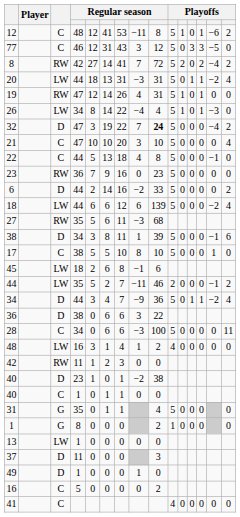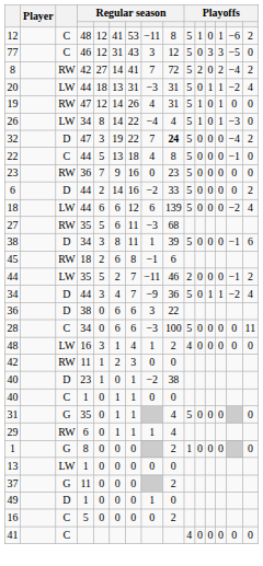 <table class="wikitable sortable plainrowheaders" style="text-align:center;">
 <tr>
 <th scope="col" data-sort-type="number" rowspan="2"></th>
 <th scope="col" rowspan="2">Player</th>
 <th scope="col" rowspan="2"></th>
 <th scope=colgroup colspan=6>Regular season</th>
 <th scope=colgroup colspan=6>Playoffs</th>
 </tr>
 <tr>
 <th scope="col" data-sort-type="number"></th>
 <th scope="col" data-sort-type="number"></th>
 <th scope="col" data-sort-type="number"></th>
 <th scope="col" data-sort-type="number"></th>
 <th scope="col" data-sort-type="number"></th>
 <th scope="col" data-sort-type="number"></th>
 <th scope="col" data-sort-type="number"></th>
 <th scope="col" data-sort-type="number"></th>
 <th scope="col" data-sort-type="number"></th>
 <th scope="col" data-sort-type="number"></th>
 <th scope="col" data-sort-type="number"></th>
 <th scope="col" data-sort-type="number"></th>
 </tr>
 <tr>
 <td scope="row">12</td>
 <td align="left"></td>
 <td>C</td>
 <td>48</td>
 <td>12</td>
 <td>41</td>
 <td>53</td>
 <td>−11</td>
 <td>8</td>
 <td>5</td>
 <td>1</td>
 <td>0</td>
 <td>1</td>
 <td>−6</td>
 <td>2</td>
 </tr>
 <tr>
 <td scope="row">77</td>
 <td align="left"></td>
 <td>C</td>
 <td>46</td>
 <td>12</td>
 <td>31</td>
 <td>43</td>
 <td>3</td>
 <td>12</td>
 <td>5</td>
 <td>0</td>
 <td>3</td>
 <td>3</td>
 <td>−5</td>
 <td>0</td>
 </tr>
 <tr>
 <td scope="row">8</td>
 <td align="left"></td>
 <td>RW</td>
 <td>42</td>
 <td>27</td>
 <td>14</td>
 <td>41</td>
 <td>7</td>
 <td>72</td>
 <td>5</td>
 <td>2</td>
 <td>0</td>
 <td>2</td>
 <td>−4</td>
 <td>2</td>
 </tr>
 <tr>
 <td scope="row">20</td>
 <td align="left"></td>
 <td>LW</td>
 <td>44</td>
 <td>18</td>
 <td>13</td>
 <td>31</td>
 <td>−3</td>
 <td>31</td>
 <td>5</td>
 <td>0</td>
 <td>1</td>
 <td>1</td>
 <td>−2</td>
 <td>4</td>
 </tr>
 <tr>
 <td scope="row">19</td>
 <td align="left"></td>
 <td>RW</td>
 <td>47</td>
 <td>12</td>
 <td>14</td>
 <td>26</td>
 <td>4</td>
 <td>31</td>
 <td>5</td>
 <td>1</td>
 <td>0</td>
 <td>1</td>
 <td>0</td>
 <td>0</td>
 </tr>
 <tr>
 <td scope="row">26</td>
 <td align="left"></td>
 <td>LW</td>
 <td>34</td>
 <td>8</td>
 <td>14</td>
 <td>22</td>
 <td>−4</td>
 <td>4</td>
 <td>5</td>
 <td>1</td>
 <td>0</td>
 <td>1</td>
 <td>−3</td>
 <td>0</td>
 </tr>
 <tr>
 <td scope="row">32</td>
 <td align="left"></td>
 <td>D</td>
 <td>47</td>
 <td>3</td>
 <td>19</td>
 <td>22</td>
 <td>7</td>
 <td><strong>24</strong></td>
 <td>5</td>
 <td>0</td>
 <td>0</td>
 <td>0</td>
 <td>−4</td>
 <td>2</td>
 </tr>
 <tr>
-<td scope="row">21</td>
-<td align="left"></td>
-<td>C</td>
-<td>47</td>
-<td>10</td>
-<td>10</td>
-<td>20</td>
-<td>3</td>
-<td>10</td>
-<td>5</td>
-<td>0</td>
-<td>0</td>
-<td>0</td>
-<td>0</td>
-<td>4</td>
-</tr>
-<tr>
 <td scope="row">22</td>
 <td align="left"></td>
 <td>C</td>
 <td>44</td>
 <td>5</td>
 <td>13</td>
 <td>18</td>
 <td>4</td>
 <td>8</td>
 <td>5</td>
 <td>0</td>
 <td>0</td>
 <td>0</td>
 <td>−1</td>
 <td>0</td>
 </tr>
 <tr>
 <td scope="row">23</td>
 <td align="left"></td>
 <td>RW</td>
 <td>36</td>
 <td>7</td>
 <td>9</td>
 <td>16</td>
 <td>0</td>
 <td>23</td>
 <td>5</td>
 <td>0</td>
 <td>0</td>
 <td>0</td>
 <td>0</td>
 <td>0</td>
 </tr>
 <tr>
 <td scope="row">6</td>
 <td align="left"></td>
 <td>D</td>
 <td>44</td>
 <td>2</td>
 <td>14</td>
 <td>16</td>
 <td>−2</td>
 <td>33</td>
 <td>5</td>
 <td>0</td>
 <td>0</td>
 <td>0</td>
 <td>0</td>
 <td>2</td>
 </tr>
 <tr>
 <td scope="row">18</td>
 <td align="left"></td>
 <td>LW</td>
 <td>44</td>
 <td>6</td>
 <td>6</td>
 <td>12</td>
 <td>6</td>
 <td>139</td>
 <td>5</td>
 <td>0</td>
 <td>0</td>
 <td>0</td>
 <td>−2</td>
 <td>4</td>
 </tr>
 <tr>
 <td scope="row">27</td>
 <td align="left"></td>
 <td>RW</td>
 <td>35</td>
 <td>5</td>
 <td>6</td>
 <td>11</td>
 <td>−3</td>
 <td>68</td>
 <td></td>
 <td></td>
 <td></td>
 <td></td>
 <td></td>
 <td></td>
 </tr>
 <tr>
 <td scope="row">38</td>
 <td align="left"></td>
 <td>D</td>
 <td>34</td>
 <td>3</td>
 <td>8</td>
 <td>11</td>
 <td>1</td>
 <td>39</td>
 <td>5</td>
 <td>0</td>
 <td>0</td>
 <td>0</td>
 <td>−1</td>
 <td>6</td>
 </tr>
 <tr>
-<td scope="row">17</td>
-<td align="left"></td>
-<td>C</td>
-<td>38</td>
-<td>5</td>
-<td>5</td>
-<td>10</td>
-<td>8</td>
-<td>10</td>
-<td>5</td>
-<td>0</td>
-<td>0</td>
-<td>0</td>
-<td>1</td>
-<td>0</td>
-</tr>
-<tr>
 <td scope="row">45</td>
 <td align="left"></td>
-<td>LW</td>
+<td>RW</td>
 <td>18</td>
 <td>2</td>
 <td>6</td>
 <td>8</td>
 <td>−1</td>
 <td>6</td>
 <td></td>
 <td></td>
 <td></td>
 <td></td>
 <td></td>
 <td></td>
 </tr>
 <tr>
 <td scope="row">44</td>
 <td align="left"></td>
 <td>LW</td>
 <td>35</td>
 <td>5</td>
 <td>2</td>
 <td>7</td>
 <td>−11</td>
 <td>46</td>
 <td>2</td>
 <td>0</td>
 <td>0</td>
 <td>0</td>
 <td>−1</td>
 <td>2</td>
 </tr>
 <tr>
 <td scope="row">34</td>
 <td align="left"></td>
 <td>D</td>
 <td>44</td>
 <td>3</td>
 <td>4</td>
 <td>7</td>
 <td>−9</td>
 <td>36</td>
 <td>5</td>
 <td>0</td>
 <td>1</td>
 <td>1</td>
 <td>−2</td>
 <td>4</td>
 </tr>
 <tr>
 <td scope="row">36</td>
 <td align="left"></td>
 <td>D</td>
 <td>38</td>
 <td>0</td>
 <td>6</td>
 <td>6</td>
 <td>3</td>
 <td>22</td>
 <td></td>
 <td></td>
 <td></td>
 <td></td>
 <td></td>
 <td></td>
 </tr>
 <tr>
 <td scope="row">28</td>
 <td align="left"></td>
 <td>C</td>
 <td>34</td>
 <td>0</td>
 <td>6</td>
 <td>6</td>
 <td>−3</td>
 <td>100</td>
 <td>5</td>
 <td>0</td>
 <td>0</td>
 <td>0</td>
 <td>0</td>
 <td>11</td>
 </tr>
 <tr>
 <td scope="row">48</td>
 <td align="left"></td>
 <td>LW</td>
 <td>16</td>
 <td>3</td>
 <td>1</td>
 <td>4</td>
 <td>1</td>
 <td>2</td>
 <td>4</td>
 <td>0</td>
 <td>0</td>
 <td>0</td>
 <td>0</td>
 <td>0</td>
 </tr>
 <tr>
 <td scope="row">42</td>
 <td align="left"></td>
 <td>RW</td>
 <td>11</td>
 <td>1</td>
 <td>2</td>
 <td>3</td>
 <td>0</td>
 <td>0</td>
 <td></td>
 <td></td>
 <td></td>
 <td></td>
 <td></td>
 <td></td>
 </tr>
 <tr>
 <td scope="row">40</td>
 <td align="left"></td>
 <td>D</td>
 <td>23</td>
 <td>1</td>
 <td>0</td>
 <td>1</td>
 <td>−2</td>
 <td>38</td>
 <td></td>
 <td></td>
 <td></td>
 <td></td>
 <td></td>
 <td></td>
 </tr>
 <tr>
 <td scope="row">40</td>
 <td align="left"></td>
 <td>C</td>
 <td>1</td>
 <td>0</td>
 <td>1</td>
 <td>1</td>
 <td>0</td>
 <td>0</td>
 <td></td>
 <td></td>
 <td></td>
 <td></td>
 <td></td>
 <td></td>
 </tr>
 <tr>
 <td scope="row">31</td>
 <td align="left"></td>
 <td>G</td>
 <td>35</td>
 <td>0</td>
 <td>1</td>
 <td>1</td>
 <td style="background:#ccc"></td>
 <td>4</td>
 <td>5</td>
 <td>0</td>
 <td>0</td>
 <td>0</td>
 <td style="background:#ccc"></td>
 <td>0</td>
 </tr>
 <tr>
+<td scope="row">29</td>
+<td align="left"></td>
+<td>RW</td>
+<td>6</td>
+<td>0</td>
+<td>1</td>
+<td>1</td>
+<td>1</td>
+<td>4</td>
+<td></td>
+<td></td>
+<td></td>
+<td></td>
+<td></td>
+<td></td>
+</tr>
+<tr>
 <td scope="row">1</td>
 <td align="left"></td>
 <td>G</td>
 <td>8</td>
 <td>0</td>
 <td>0</td>
 <td>0</td>
 <td style="background:#ccc"></td>
 <td>2</td>
 <td>1</td>
 <td>0</td>
 <td>0</td>
 <td>0</td>
 <td style="background:#ccc"></td>
 <td>0</td>
 </tr>
 <tr>
 <td scope="row">13</td>
 <td align="left"></td>
 <td>LW</td>
 <td>1</td>
 <td>0</td>
 <td>0</td>
 <td>0</td>
 <td>0</td>
 <td>0</td>
 <td></td>
 <td></td>
 <td></td>
 <td></td>
 <td></td>
 <td></td>
 </tr>
 <tr>
 <td scope="row">37</td>
 <td align="left"></td>
-<td>D</td>
+<td>G</td>
 <td>11</td>
 <td>0</td>
 <td>0</td>
 <td>0</td>
 <td style="background:#ccc"></td>
-<td>3</td>
+<td>2</td>
 <td></td>
 <td></td>
 <td></td>
 <td></td>
 <td></td>
 <td></td>
 </tr>
 <tr>
 <td scope="row">49</td>
 <td align="left"></td>
 <td>D</td>
 <td>1</td>
 <td>0</td>
 <td>0</td>
 <td>0</td>
 <td>1</td>
 <td>0</td>
 <td></td>
 <td></td>
 <td></td>
 <td></td>
 <td></td>
 <td></td>
 </tr>
 <tr>
 <td scope="row">16</td>
 <td align="left"></td>
 <td>C</td>
 <td>5</td>
 <td>0</td>
 <td>0</td>
 <td>0</td>
 <td>0</td>
 <td>2</td>
 <td></td>
 <td></td>
 <td></td>
 <td></td>
 <td></td>
 <td></td>
 </tr>
 <tr>
 <td scope="row">41</td>
 <td align="left"></td>
 <td>C</td>
 <td></td>
 <td></td>
 <td></td>
 <td></td>
 <td></td>
 <td></td>
 <td>4</td>
 <td>0</td>
 <td>0</td>
 <td>0</td>
 <td>0</td>
 <td>0</td>
 </tr>
 </table>
